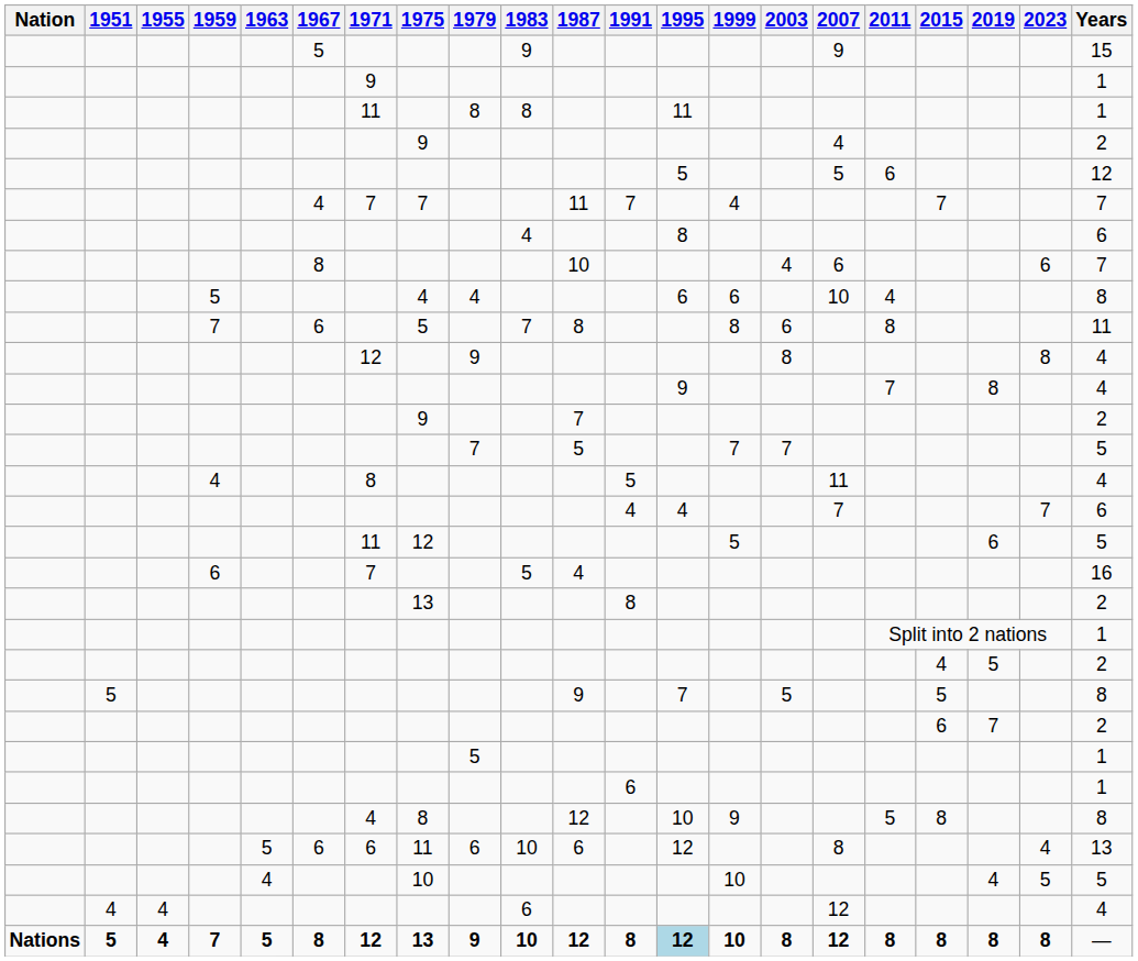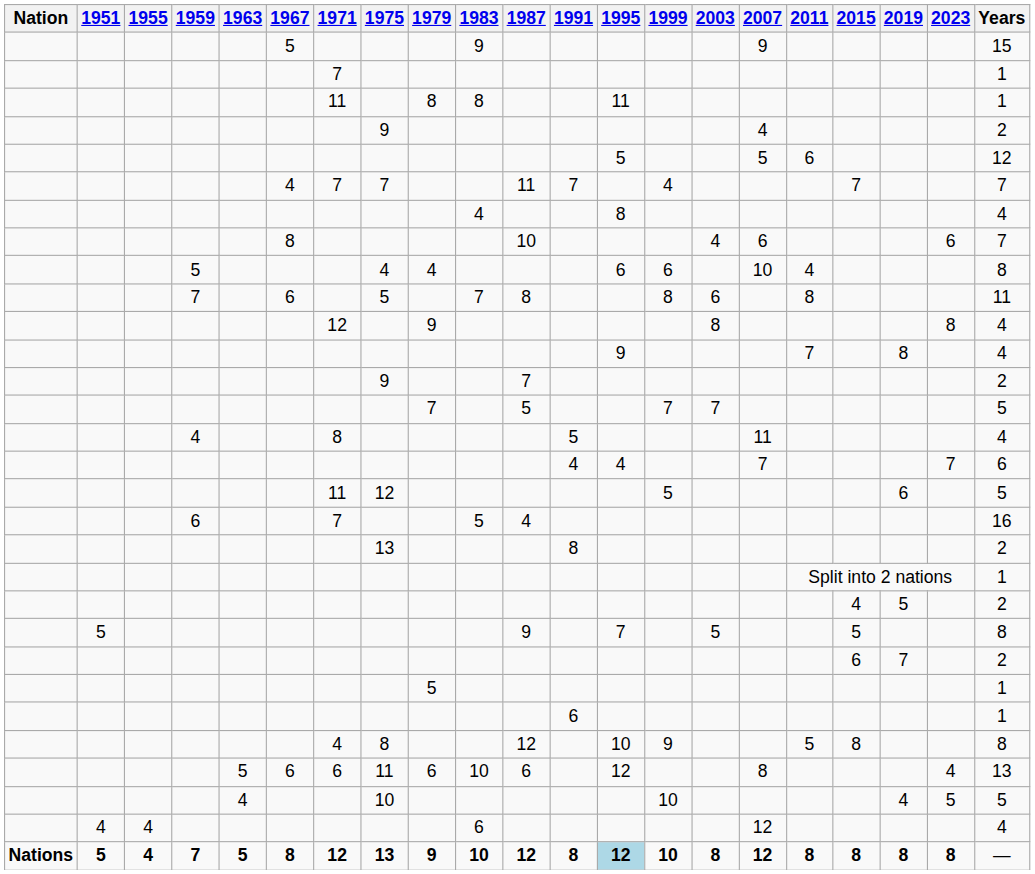 <table class="wikitable" style="text-align:center">
 <tr>
 <th>Nation</th>
 <th><a href='#'>1951</a></th>
 <th><a href='#'>1955</a></th>
 <th><a href='#'>1959</a></th>
 <th><a href='#'>1963</a></th>
 <th><a href='#'>1967</a></th>
 <th><a href='#'>1971</a></th>
 <th><a href='#'>1975</a></th>
 <th><a href='#'>1979</a></th>
 <th><a href='#'>1983</a></th>
 <th><a href='#'>1987</a></th>
 <th><a href='#'>1991</a></th>
 <th><a href='#'>1995</a></th>
 <th><a href='#'>1999</a></th>
 <th><a href='#'>2003</a></th>
 <th><a href='#'>2007</a></th>
 <th><a href='#'>2011</a></th>
 <th><a href='#'>2015</a></th>
 <th><a href='#'>2019</a></th>
 <th><a href='#'>2023</a></th>
 <th>Years</th>
 </tr>
 <tr>
 <td align=left></td>
 <td></td>
 <td></td>
 <td></td>
 <td></td>
 <td>5</td>
 <td></td>
 <td></td>
 <td></td>
 <td>9</td>
 <td></td>
 <td></td>
 <td></td>
 <td></td>
 <td></td>
 <td>9</td>
 <td></td>
 <td></td>
 <td></td>
 <td></td>
 <td>15</td>
 </tr>
 <tr>
 <td align=left></td>
 <td></td>
 <td></td>
 <td></td>
 <td></td>
 <td></td>
-<td>9</td>
+<td>7</td>
 <td></td>
 <td></td>
 <td></td>
 <td></td>
 <td></td>
 <td></td>
 <td></td>
 <td></td>
 <td></td>
 <td></td>
 <td></td>
 <td></td>
 <td></td>
 <td>1</td>
 </tr>
 <tr>
 <td align=left></td>
 <td></td>
 <td></td>
 <td></td>
 <td></td>
 <td></td>
 <td>11</td>
 <td></td>
 <td>8</td>
 <td>8</td>
 <td></td>
 <td></td>
 <td>11</td>
 <td></td>
 <td></td>
 <td></td>
 <td></td>
 <td></td>
 <td></td>
 <td></td>
 <td>1</td>
 </tr>
 <tr>
 <td align=left></td>
 <td></td>
 <td></td>
 <td></td>
 <td></td>
 <td></td>
 <td></td>
 <td>9</td>
 <td></td>
 <td></td>
 <td></td>
 <td></td>
 <td></td>
 <td></td>
 <td></td>
 <td>4</td>
 <td></td>
 <td></td>
 <td></td>
 <td></td>
 <td>2</td>
 </tr>
 <tr>
 <td align=left></td>
 <td></td>
 <td></td>
 <td></td>
 <td></td>
 <td></td>
 <td></td>
 <td></td>
 <td></td>
 <td></td>
 <td></td>
 <td></td>
 <td>5</td>
 <td></td>
 <td></td>
 <td>5</td>
 <td>6</td>
 <td></td>
 <td></td>
 <td></td>
 <td>12</td>
 </tr>
 <tr>
 <td align=left></td>
 <td></td>
 <td></td>
 <td></td>
 <td></td>
 <td>4</td>
 <td>7</td>
 <td>7</td>
 <td></td>
 <td></td>
 <td>11</td>
 <td>7</td>
 <td></td>
 <td>4</td>
 <td></td>
 <td></td>
 <td></td>
 <td>7</td>
 <td></td>
 <td></td>
 <td>7</td>
 </tr>
 <tr>
 <td align=left></td>
 <td></td>
 <td></td>
 <td></td>
 <td></td>
 <td></td>
 <td></td>
 <td></td>
 <td></td>
 <td>4</td>
 <td></td>
 <td></td>
 <td>8</td>
 <td></td>
 <td></td>
 <td></td>
 <td></td>
 <td></td>
 <td></td>
 <td></td>
-<td>6</td>
+<td>4</td>
 </tr>
 <tr>
 <td align=left></td>
 <td></td>
 <td></td>
 <td></td>
 <td></td>
 <td>8</td>
 <td></td>
 <td></td>
 <td></td>
 <td></td>
 <td>10</td>
 <td></td>
 <td></td>
 <td></td>
 <td>4</td>
 <td>6</td>
 <td></td>
 <td></td>
 <td></td>
 <td>6</td>
 <td>7</td>
 </tr>
 <tr>
 <td align=left></td>
 <td></td>
 <td></td>
 <td>5</td>
 <td></td>
 <td></td>
 <td></td>
 <td>4</td>
 <td>4</td>
 <td></td>
 <td></td>
 <td></td>
 <td>6</td>
 <td>6</td>
 <td></td>
 <td>10</td>
 <td>4</td>
 <td></td>
 <td></td>
 <td></td>
 <td>8</td>
 </tr>
 <tr>
 <td align=left></td>
 <td></td>
 <td></td>
 <td>7</td>
 <td></td>
 <td>6</td>
 <td></td>
 <td>5</td>
 <td></td>
 <td>7</td>
 <td>8</td>
 <td></td>
 <td></td>
 <td>8</td>
 <td>6</td>
 <td></td>
 <td>8</td>
 <td></td>
 <td></td>
 <td></td>
 <td>11</td>
 </tr>
 <tr>
 <td align=left></td>
 <td></td>
 <td></td>
 <td></td>
 <td></td>
 <td></td>
 <td>12</td>
 <td></td>
 <td>9</td>
 <td></td>
 <td></td>
 <td></td>
 <td></td>
 <td></td>
 <td>8</td>
 <td></td>
 <td></td>
 <td></td>
 <td></td>
 <td>8</td>
 <td>4</td>
 </tr>
 <tr>
 <td align=left></td>
 <td></td>
 <td></td>
 <td></td>
 <td></td>
 <td></td>
 <td></td>
 <td></td>
 <td></td>
 <td></td>
 <td></td>
 <td></td>
 <td>9</td>
 <td></td>
 <td></td>
 <td></td>
 <td>7</td>
 <td></td>
 <td>8</td>
 <td></td>
 <td>4</td>
 </tr>
 <tr>
 <td align=left></td>
 <td></td>
 <td></td>
 <td></td>
 <td></td>
 <td></td>
 <td></td>
 <td>9</td>
 <td></td>
 <td></td>
 <td>7</td>
 <td></td>
 <td></td>
 <td></td>
 <td></td>
 <td></td>
 <td></td>
 <td></td>
 <td></td>
 <td></td>
 <td>2</td>
 </tr>
 <tr>
 <td align=left></td>
 <td></td>
 <td></td>
 <td></td>
 <td></td>
 <td></td>
 <td></td>
 <td></td>
 <td>7</td>
 <td></td>
 <td>5</td>
 <td></td>
 <td></td>
 <td>7</td>
 <td>7</td>
 <td></td>
 <td></td>
 <td></td>
 <td></td>
 <td></td>
 <td>5</td>
 </tr>
 <tr>
 <td align=left></td>
 <td></td>
 <td></td>
 <td>4</td>
 <td></td>
 <td></td>
 <td>8</td>
 <td></td>
 <td></td>
 <td></td>
 <td></td>
 <td>5</td>
 <td></td>
 <td></td>
 <td></td>
 <td>11</td>
 <td></td>
 <td></td>
 <td></td>
 <td></td>
 <td>4</td>
 </tr>
 <tr>
 <td align=left></td>
 <td></td>
 <td></td>
 <td></td>
 <td></td>
 <td></td>
 <td></td>
 <td></td>
 <td></td>
 <td></td>
 <td></td>
 <td>4</td>
 <td>4</td>
 <td></td>
 <td></td>
 <td>7</td>
 <td></td>
 <td></td>
 <td></td>
 <td>7</td>
 <td>6</td>
 </tr>
 <tr>
 <td align=left></td>
 <td></td>
 <td></td>
 <td></td>
 <td></td>
 <td></td>
 <td>11</td>
 <td>12</td>
 <td></td>
 <td></td>
 <td></td>
 <td></td>
 <td></td>
 <td>5</td>
 <td></td>
 <td></td>
 <td></td>
 <td></td>
 <td>6</td>
 <td></td>
 <td>5</td>
 </tr>
 <tr>
 <td align=left></td>
 <td></td>
 <td></td>
 <td>6</td>
 <td></td>
 <td></td>
 <td>7</td>
 <td></td>
 <td></td>
 <td>5</td>
 <td>4</td>
 <td></td>
 <td></td>
 <td></td>
 <td></td>
 <td></td>
 <td></td>
 <td></td>
 <td></td>
 <td></td>
 <td>16</td>
 </tr>
 <tr>
 <td align=left></td>
 <td></td>
 <td></td>
 <td></td>
 <td></td>
 <td></td>
 <td></td>
 <td>13</td>
 <td></td>
 <td></td>
 <td></td>
 <td>8</td>
 <td></td>
 <td></td>
 <td></td>
 <td></td>
 <td></td>
 <td></td>
 <td></td>
 <td></td>
 <td>2</td>
 </tr>
 <tr>
 <td align=left></td>
 <td></td>
 <td></td>
 <td></td>
 <td></td>
 <td></td>
 <td></td>
 <td></td>
 <td></td>
 <td></td>
 <td></td>
 <td></td>
 <td></td>
 <td></td>
 <td></td>
 <td></td>
 <td colspan=4>Split into 2 nations</td>
 <td>1</td>
 </tr>
 <tr>
 <td align=left></td>
 <td></td>
 <td></td>
 <td></td>
 <td></td>
 <td></td>
 <td></td>
 <td></td>
 <td></td>
 <td></td>
 <td></td>
 <td></td>
 <td></td>
 <td></td>
 <td></td>
 <td></td>
 <td></td>
 <td>4</td>
 <td>5</td>
 <td></td>
 <td>2</td>
 </tr>
 <tr>
 <td align=left></td>
 <td>5</td>
 <td></td>
 <td></td>
 <td></td>
 <td></td>
 <td></td>
 <td></td>
 <td></td>
 <td></td>
 <td>9</td>
 <td></td>
 <td>7</td>
 <td></td>
 <td>5</td>
 <td></td>
 <td></td>
 <td>5</td>
 <td></td>
 <td></td>
 <td>8</td>
 </tr>
 <tr>
 <td align=left></td>
 <td></td>
 <td></td>
 <td></td>
 <td></td>
 <td></td>
 <td></td>
 <td></td>
 <td></td>
 <td></td>
 <td></td>
 <td></td>
 <td></td>
 <td></td>
 <td></td>
 <td></td>
 <td></td>
 <td>6</td>
 <td>7</td>
 <td></td>
 <td>2</td>
 </tr>
 <tr>
 <td align=left></td>
 <td></td>
 <td></td>
 <td></td>
 <td></td>
 <td></td>
 <td></td>
 <td></td>
 <td>5</td>
 <td></td>
 <td></td>
 <td></td>
 <td></td>
 <td></td>
 <td></td>
 <td></td>
 <td></td>
 <td></td>
 <td></td>
 <td></td>
 <td>1</td>
 </tr>
 <tr>
 <td align=left></td>
 <td></td>
 <td></td>
 <td></td>
 <td></td>
 <td></td>
 <td></td>
 <td></td>
 <td></td>
 <td></td>
 <td></td>
 <td>6</td>
 <td></td>
 <td></td>
 <td></td>
 <td></td>
 <td></td>
 <td></td>
 <td></td>
 <td></td>
 <td>1</td>
 </tr>
 <tr>
 <td align=left></td>
 <td></td>
 <td></td>
 <td></td>
 <td></td>
 <td></td>
 <td>4</td>
 <td>8</td>
 <td></td>
 <td></td>
 <td>12</td>
 <td></td>
 <td>10</td>
 <td>9</td>
 <td></td>
 <td></td>
 <td>5</td>
 <td>8</td>
 <td></td>
 <td></td>
 <td>8</td>
 </tr>
 <tr>
 <td align=left></td>
 <td></td>
 <td></td>
 <td></td>
 <td>5</td>
 <td>6</td>
 <td>6</td>
 <td>11</td>
 <td>6</td>
 <td>10</td>
 <td>6</td>
 <td></td>
 <td>12</td>
 <td></td>
 <td></td>
 <td>8</td>
 <td></td>
 <td></td>
 <td></td>
 <td>4</td>
 <td>13</td>
 </tr>
 <tr>
 <td align=left></td>
 <td></td>
 <td></td>
 <td></td>
 <td>4</td>
 <td></td>
 <td></td>
 <td>10</td>
 <td></td>
 <td></td>
 <td></td>
 <td></td>
 <td></td>
 <td>10</td>
 <td></td>
 <td></td>
 <td></td>
 <td></td>
 <td>4</td>
 <td>5</td>
 <td>5</td>
 </tr>
 <tr>
 <td align=left></td>
 <td>4</td>
 <td>4</td>
 <td></td>
 <td></td>
 <td></td>
 <td></td>
 <td></td>
 <td></td>
 <td>6</td>
 <td></td>
 <td></td>
 <td></td>
 <td></td>
 <td></td>
 <td>12</td>
 <td></td>
 <td></td>
 <td></td>
 <td></td>
 <td>4</td>
 </tr>
 <tr>
 <td><strong>Nations</strong></td>
 <td><strong>5</strong></td>
 <td><strong>4</strong></td>
 <td><strong>7</strong></td>
 <td><strong>5</strong></td>
 <td><strong>8</strong></td>
 <td><strong>12</strong></td>
 <td><strong>13</strong></td>
 <td><strong>9</strong></td>
 <td><strong>10</strong></td>
 <td><strong>12</strong></td>
 <td><strong>8</strong></td>
 <td style="background: lightblue;"><strong>12</strong></td>
 <td><strong>10</strong></td>
 <td><strong>8</strong></td>
 <td><strong>12</strong></td>
 <td><strong>8</strong></td>
 <td><strong>8</strong></td>
 <td><strong>8</strong></td>
 <td><strong>8</strong></td>
 <td>—</td>
 </tr>
 </table>
